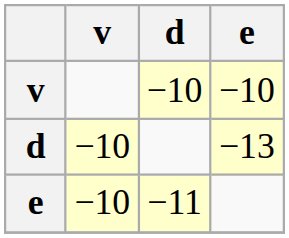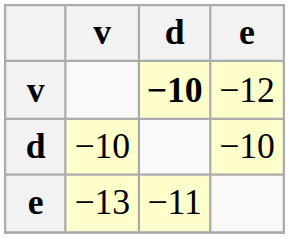 <table class="wikitable" style="text-align: center">
 <tr>
 <th style="width: 20px;"></th>
 <th style="width: 20px;">v</th>
 <th style="width: 20px;">d</th>
 <th style="width: 20px;">e</th>
 </tr>
 <tr>
 <th>v</th>
 <td></td>
-<td style=background:#ffffcc;>−10</td>
-<td style=background:#ffffcc;>−10</td>
+<td style=background:#ffffcc;><strong>−10</strong></td>
+<td style=background:#ffffcc;>−12</td>
 </tr>
 <tr>
 <th>d</th>
 <td style=background:#ffffcc;>−10</td>
 <td></td>
-<td style=background:#ffffcc;>−13</td>
+<td style=background:#ffffcc;>−10</td>
 </tr>
 <tr>
 <th>e</th>
-<td style=background:#ffffcc;>−10</td>
+<td style=background:#ffffcc;>−13</td>
 <td style=background:#ffffcc;>−11</td>
 <td></td>
 </tr>
 <tr>
 </tr>
 </table>
